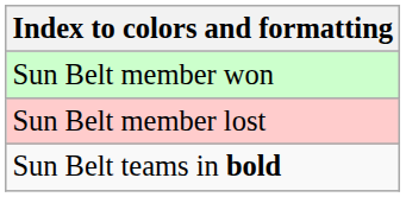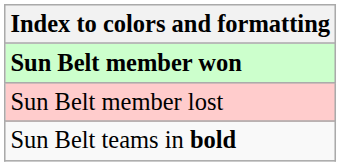 <table class="wikitable">
 <tr>
 <th>Index to colors and formatting</th>
 </tr>
 <tr style="background:#cfc;">
-<td>Sun Belt member won</td>
+<td><strong>Sun Belt member won</strong></td>
 </tr>
 <tr style="background:#fcc;">
 <td>Sun Belt member lost</td>
 </tr>
 <tr>
 <td>Sun Belt teams in <strong>bold</strong></td>
 </tr>
 </table>
